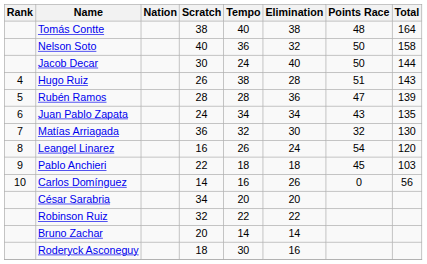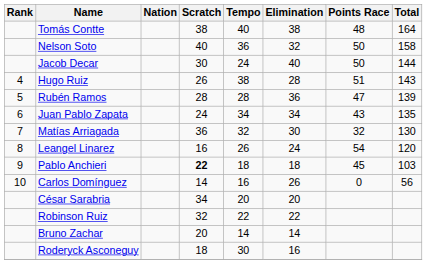 <table class="wikitable sortable" style="text-align:center">
 <tr>
 <th>Rank</th>
 <th>Name</th>
 <th>Nation</th>
 <th>Scratch</th>
 <th>Tempo</th>
 <th>Elimination</th>
 <th>Points Race</th>
 <th>Total</th>
 </tr>
 <tr>
 <td></td>
 <td align=left><a href='#'>Tomás Contte</a></td>
 <td align=left></td>
 <td>38</td>
 <td>40</td>
 <td>38</td>
 <td>48</td>
 <td>164</td>
 </tr>
 <tr>
 <td></td>
 <td align=left><a href='#'>Nelson Soto</a></td>
 <td align=left></td>
 <td>40</td>
 <td>36</td>
 <td>32</td>
 <td>50</td>
 <td>158</td>
 </tr>
 <tr>
 <td></td>
 <td align=left><a href='#'>Jacob Decar</a></td>
 <td align=left></td>
 <td>30</td>
 <td>24</td>
 <td>40</td>
 <td>50</td>
 <td>144</td>
 </tr>
 <tr>
 <td>4</td>
 <td align=left><a href='#'>Hugo Ruiz</a></td>
 <td align=left></td>
 <td>26</td>
 <td>38</td>
 <td>28</td>
 <td>51</td>
 <td>143</td>
 </tr>
 <tr>
 <td>5</td>
 <td align=left><a href='#'>Rubén Ramos</a></td>
 <td align=left></td>
 <td>28</td>
 <td>28</td>
 <td>36</td>
 <td>47</td>
 <td>139</td>
 </tr>
 <tr>
 <td>6</td>
 <td align=left><a href='#'>Juan Pablo Zapata</a></td>
 <td align=left></td>
 <td>24</td>
 <td>34</td>
 <td>34</td>
 <td>43</td>
 <td>135</td>
 </tr>
 <tr>
 <td>7</td>
 <td align=left><a href='#'>Matías Arriagada</a></td>
 <td align=left></td>
 <td>36</td>
 <td>32</td>
 <td>30</td>
 <td>32</td>
 <td>130</td>
 </tr>
 <tr>
 <td>8</td>
 <td align=left><a href='#'>Leangel Linarez</a></td>
 <td align=left></td>
 <td>16</td>
 <td>26</td>
 <td>24</td>
 <td>54</td>
 <td>120</td>
 </tr>
 <tr>
 <td>9</td>
 <td align=left><a href='#'>Pablo Anchieri</a></td>
 <td align=left></td>
-<td>22</td>
+<td><strong>22</strong></td>
 <td>18</td>
 <td>18</td>
 <td>45</td>
 <td>103</td>
 </tr>
 <tr>
 <td>10</td>
 <td align=left><a href='#'>Carlos Domínguez</a></td>
 <td align=left></td>
 <td>14</td>
 <td>16</td>
 <td>26</td>
 <td>0</td>
 <td>56</td>
 </tr>
 <tr>
 <td></td>
 <td align=left><a href='#'>César Sarabria</a></td>
 <td align=left></td>
 <td>34</td>
 <td>20</td>
 <td>20</td>
 <td></td>
 <td></td>
 </tr>
 <tr>
 <td></td>
 <td align=left><a href='#'>Robinson Ruiz</a></td>
 <td align=left></td>
 <td>32</td>
 <td>22</td>
 <td>22</td>
 <td></td>
 <td></td>
 </tr>
 <tr>
 <td></td>
 <td align=left><a href='#'>Bruno Zachar</a></td>
 <td align=left></td>
 <td>20</td>
 <td>14</td>
 <td>14</td>
 <td></td>
 <td></td>
 </tr>
 <tr>
 <td></td>
 <td align=left><a href='#'>Roderyck Asconeguy</a></td>
 <td align=left></td>
 <td>18</td>
 <td>30</td>
 <td>16</td>
 <td></td>
 <td></td>
 </tr>
 <tr>
 </tr>
 </table>
